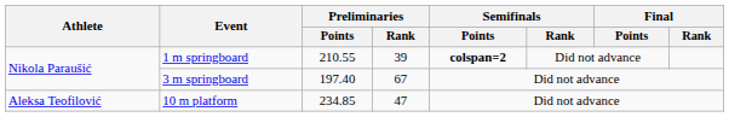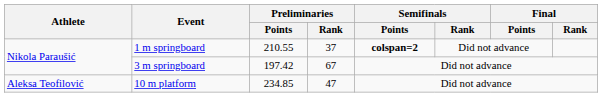 <table class="wikitable" style="text-align:center; font-size:90%; width:50%;">
 <tr>
 <th rowspan=2>Athlete</th>
 <th rowspan=2>Event</th>
 <th colspan=2>Preliminaries</th>
 <th colspan=2>Semifinals</th>
 <th colspan=2>Final</th>
 </tr>
 <tr style="font-size:95%">
 <th>Points</th>
 <th>Rank</th>
 <th>Points</th>
 <th>Rank</th>
 <th>Points</th>
 <th>Rank</th>
 </tr>
 <tr>
 <td align=left rowspan=2><a href='#'>Nikola Paraušić</a></td>
 <td align=left><a href='#'>1 m springboard</a></td>
 <td>210.55</td>
-<td>39</td>
+<td>37</td>
 <td><strong>colspan=2 </strong></td>
 <td colspan=2>Did not advance</td>
 </tr>
 <tr>
 <td align=left><a href='#'>3 m springboard</a></td>
-<td>197.40</td>
+<td>197.42</td>
 <td>67</td>
 <td colspan=4>Did not advance</td>
 </tr>
 <tr>
 <td align=left><a href='#'>Aleksa Teofilović</a></td>
 <td align=left><a href='#'>10 m platform</a></td>
 <td>234.85</td>
 <td>47</td>
 <td colspan=4>Did not advance</td>
 </tr>
 </table>
